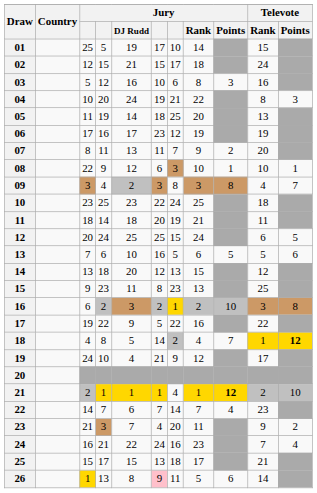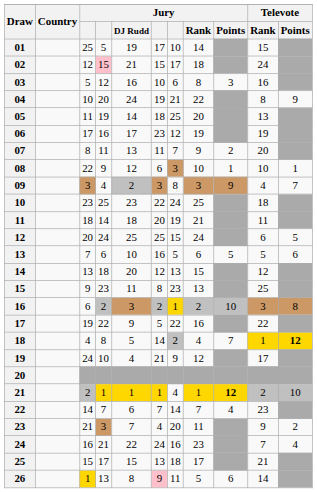 <table class="sortable wikitable collapsible plainrowheaders" style="text-align:center;">
 <tr>
 </tr>
 <tr>
 <th scope="col" rowspan="2">Draw</th>
 <th scope="col" rowspan="2">Country</th>
 <th scope="col" colspan="7">Jury</th>
 <th scope="col" colspan="2">Televote</th>
 </tr>
 <tr>
 <th scope="col"><small></small></th>
 <th scope="col"><small></small></th>
 <th scope="col"><small>DJ Rudd</small></th>
 <th scope="col"><small></small></th>
 <th scope="col"><small></small></th>
 <th scope="col">Rank</th>
 <th scope="col">Points</th>
 <th scope="col">Rank</th>
 <th scope="col">Points</th>
 </tr>
 <tr>
 <th scope="row" style="text-align:center;">01</th>
 <td style="text-align:left;"></td>
 <td>25</td>
 <td>5</td>
 <td>19</td>
 <td>17</td>
 <td>10</td>
 <td>14</td>
 <td style="background:#AAAAAA;"></td>
 <td>15</td>
 <td style="background:#AAAAAA;"></td>
 </tr>
 <tr>
 <th scope="row" style="text-align:center;">02</th>
 <td style="text-align:left;"></td>
 <td>12</td>
-<td>15</td>
+<td style="background: pink;">15</td>
 <td>21</td>
 <td>15</td>
 <td>17</td>
 <td>18</td>
 <td style="background:#AAAAAA;"></td>
 <td>24</td>
 <td style="background:#AAAAAA;"></td>
 </tr>
 <tr>
 <th scope="row" style="text-align:center;">03</th>
 <td style="text-align:left;"></td>
 <td>5</td>
 <td>12</td>
 <td>16</td>
 <td>10</td>
 <td>6</td>
 <td>8</td>
 <td>3</td>
 <td>16</td>
 <td style="background:#AAAAAA;"></td>
 </tr>
 <tr>
 <th scope="row" style="text-align:center;">04</th>
 <td style="text-align:left;"></td>
 <td>10</td>
 <td>20</td>
 <td>24</td>
 <td>19</td>
 <td>21</td>
 <td>22</td>
 <td style="background:#AAAAAA;"></td>
 <td>8</td>
-<td>3</td>
+<td>9</td>
 </tr>
 <tr>
 <th scope="row" style="text-align:center;">05</th>
 <td style="text-align:left;"></td>
 <td>11</td>
 <td>19</td>
 <td>14</td>
 <td>18</td>
 <td>25</td>
 <td>20</td>
 <td style="background:#AAAAAA;"></td>
 <td>13</td>
 <td style="background:#AAAAAA;"></td>
 </tr>
 <tr>
 <th scope="row" style="text-align:center;">06</th>
 <td style="text-align:left;"></td>
 <td>17</td>
 <td>16</td>
 <td>17</td>
 <td>23</td>
 <td>12</td>
 <td>19</td>
 <td style="background:#AAAAAA;"></td>
 <td>19</td>
 <td style="background:#AAAAAA;"></td>
 </tr>
 <tr>
 <th scope="row" style="text-align:center;">07</th>
 <td style="text-align:left;"></td>
 <td>8</td>
 <td>11</td>
 <td>13</td>
 <td>11</td>
 <td>7</td>
 <td>9</td>
 <td>2</td>
 <td>20</td>
 <td style="background:#AAAAAA;"></td>
 </tr>
 <tr>
 <th scope="row" style="text-align:center;">08</th>
 <td style="text-align:left;"></td>
 <td>22</td>
 <td>9</td>
 <td>12</td>
 <td>6</td>
 <td style="background:#CC9966;">3</td>
 <td>10</td>
 <td>1</td>
 <td>10</td>
 <td>1</td>
 </tr>
 <tr>
 <th scope="row" style="text-align:center;">09</th>
 <td style="text-align:left;"></td>
 <td style="background:#CC9966;">3</td>
 <td>4</td>
 <td style="background:silver;">2</td>
 <td style="background:#CC9966;">3</td>
 <td>8</td>
 <td style="background:#CC9966;">3</td>
-<td style="background:#CC9966;">8</td>
+<td style="background:#CC9966;">9</td>
 <td>4</td>
 <td>7</td>
 </tr>
 <tr>
 <th scope="row" style="text-align:center;">10</th>
 <td style="text-align:left;"></td>
 <td>23</td>
 <td>25</td>
 <td>23</td>
 <td>22</td>
 <td>24</td>
 <td>25</td>
 <td style="background:#AAAAAA;"></td>
 <td>18</td>
 <td style="background:#AAAAAA;"></td>
 </tr>
 <tr>
 <th scope="row" style="text-align:center;">11</th>
 <td style="text-align:left;"></td>
 <td>18</td>
 <td>14</td>
 <td>18</td>
 <td>20</td>
 <td>19</td>
 <td>21</td>
 <td style="background:#AAAAAA;"></td>
 <td>11</td>
 <td style="background:#AAAAAA;"></td>
 </tr>
 <tr>
 <th scope="row" style="text-align:center;">12</th>
 <td style="text-align:left;"></td>
 <td>20</td>
 <td>24</td>
 <td>25</td>
 <td>25</td>
 <td>15</td>
 <td>24</td>
 <td style="background:#AAAAAA;"></td>
 <td>6</td>
 <td>5</td>
 </tr>
 <tr>
 <th scope="row" style="text-align:center;">13</th>
 <td style="text-align:left;"></td>
 <td>7</td>
 <td>6</td>
 <td>10</td>
 <td>16</td>
 <td>5</td>
 <td>6</td>
 <td>5</td>
 <td>5</td>
 <td>6</td>
 </tr>
 <tr>
 <th scope="row" style="text-align:center;">14</th>
 <td style="text-align:left;"></td>
 <td>13</td>
 <td>18</td>
 <td>20</td>
 <td>12</td>
 <td>13</td>
 <td>15</td>
 <td style="background:#AAAAAA;"></td>
 <td>12</td>
 <td style="background:#AAAAAA;"></td>
 </tr>
 <tr>
 <th scope="row" style="text-align:center;">15</th>
 <td style="text-align:left;"></td>
 <td>9</td>
 <td>23</td>
 <td>11</td>
 <td>8</td>
 <td>23</td>
 <td>13</td>
 <td style="background:#AAAAAA;"></td>
 <td>25</td>
 <td style="background:#AAAAAA;"></td>
 </tr>
 <tr>
 <th scope="row" style="text-align:center;">16</th>
 <td style="text-align:left;"></td>
 <td>6</td>
 <td style="background:silver;">2</td>
 <td style="background:#CC9966;">3</td>
 <td style="background:silver;">2</td>
 <td style="background:gold;">1</td>
 <td style="background:silver;">2</td>
 <td style="background:silver;">10</td>
 <td style="background:#CC9966;">3</td>
 <td style="background:#CC9966;">8</td>
 </tr>
 <tr>
 <th scope="row" style="text-align:center;">17</th>
 <td style="text-align:left;"></td>
 <td>19</td>
 <td>22</td>
 <td>9</td>
 <td>5</td>
 <td>22</td>
 <td>16</td>
 <td style="background:#AAAAAA;"></td>
 <td>22</td>
 <td style="background:#AAAAAA;"></td>
 </tr>
 <tr>
 <th scope="row" style="text-align:center;">18</th>
 <td style="text-align:left;"></td>
 <td>4</td>
 <td>8</td>
 <td>5</td>
 <td>14</td>
 <td style="background:silver;">2</td>
 <td>4</td>
 <td>7</td>
 <td style="background:gold;">1</td>
 <td style="background:gold;"><strong>12</strong></td>
 </tr>
 <tr>
 <th scope="row" style="text-align:center;">19</th>
 <td style="text-align:left;"></td>
 <td>24</td>
 <td>10</td>
 <td>4</td>
 <td>21</td>
 <td>9</td>
 <td>12</td>
 <td style="background:#AAAAAA;"></td>
 <td>17</td>
 <td style="background:#AAAAAA;"></td>
 </tr>
 <tr class="sortbottom">
 <th scope="row" style="text-align:center;">20</th>
 <td style="text-align:left;"></td>
 <td style="background:#AAAAAA;"></td>
 <td style="background:#AAAAAA;"></td>
 <td style="background:#AAAAAA;"></td>
 <td style="background:#AAAAAA;"></td>
 <td style="background:#AAAAAA;"></td>
 <td style="background:#AAAAAA;"></td>
 <td style="background:#AAAAAA;"></td>
 <td style="background:#AAAAAA;"></td>
 <td style="background:#AAAAAA;"></td>
 </tr>
 <tr>
 <th scope="row" style="text-align:center;">21</th>
 <td style="text-align:left;"></td>
 <td style="background:silver;">2</td>
 <td style="background:gold;">1</td>
 <td style="background:gold;">1</td>
 <td style="background:gold;">1</td>
 <td>4</td>
 <td style="background:gold;">1</td>
 <td style="background:gold;"><strong>12</strong></td>
 <td style="background:silver;">2</td>
 <td style="background:silver;">10</td>
 </tr>
 <tr>
 <th scope="row" style="text-align:center;">22</th>
 <td style="text-align:left;"></td>
 <td>14</td>
 <td>7</td>
 <td>6</td>
 <td>7</td>
 <td>14</td>
 <td>7</td>
 <td>4</td>
 <td>23</td>
 <td style="background:#AAAAAA;"></td>
 </tr>
 <tr>
 <th scope="row" style="text-align:center;">23</th>
 <td style="text-align:left;"></td>
 <td>21</td>
 <td style="background:#CC9966;">3</td>
 <td>7</td>
 <td>4</td>
 <td>20</td>
 <td>11</td>
 <td style="background:#AAAAAA;"></td>
 <td>9</td>
 <td>2</td>
 </tr>
 <tr>
 <th scope="row" style="text-align:center;">24</th>
 <td style="text-align:left;"></td>
 <td>16</td>
 <td>21</td>
 <td>22</td>
 <td>24</td>
 <td>16</td>
 <td>23</td>
 <td style="background:#AAAAAA;"></td>
 <td>7</td>
 <td>4</td>
 </tr>
 <tr>
 <th scope="row" style="text-align:center;">25</th>
 <td style="text-align:left;"></td>
 <td>15</td>
 <td>17</td>
 <td>15</td>
 <td>13</td>
 <td>18</td>
 <td>17</td>
 <td style="background:#AAAAAA;"></td>
 <td>21</td>
 <td style="background:#AAAAAA;"></td>
 </tr>
 <tr>
 <th scope="row" style="text-align:center;">26</th>
 <td style="text-align:left;"></td>
 <td style="background:gold;">1</td>
 <td>13</td>
 <td>8</td>
 <td style="background: pink;">9</td>
 <td>11</td>
 <td>5</td>
 <td>6</td>
 <td>14</td>
 <td style="background:#AAAAAA;"></td>
 </tr>
 </table>
